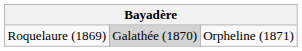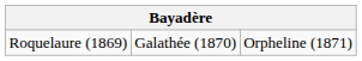 <table class="wikitable">
 <tr>
 <th colspan="3">Bayadère</th>
 </tr>
 <tr>
 <td>Roquelaure (1869)</td>
-<td style="background: lightgrey;">Galathée (1870)</td>
+<td>Galathée (1870)</td>
 <td>Orpheline (1871)</td>
 </tr>
 </table>
